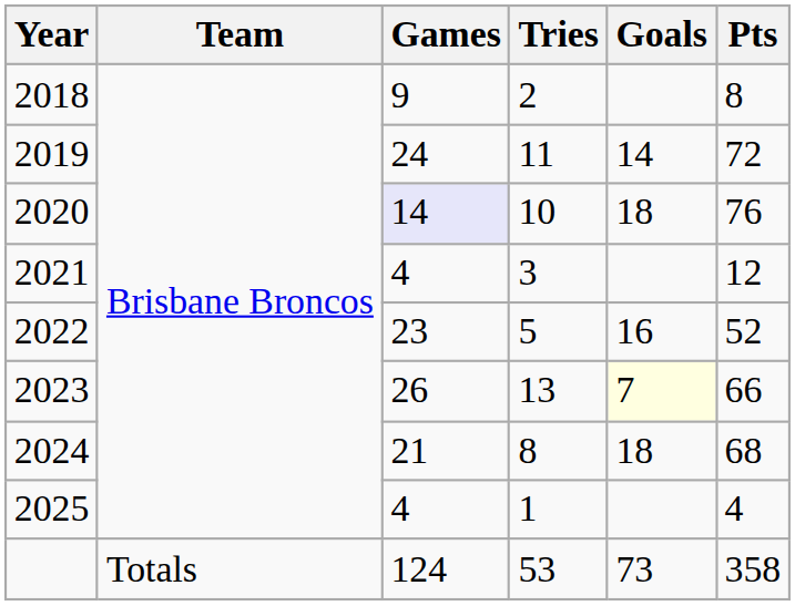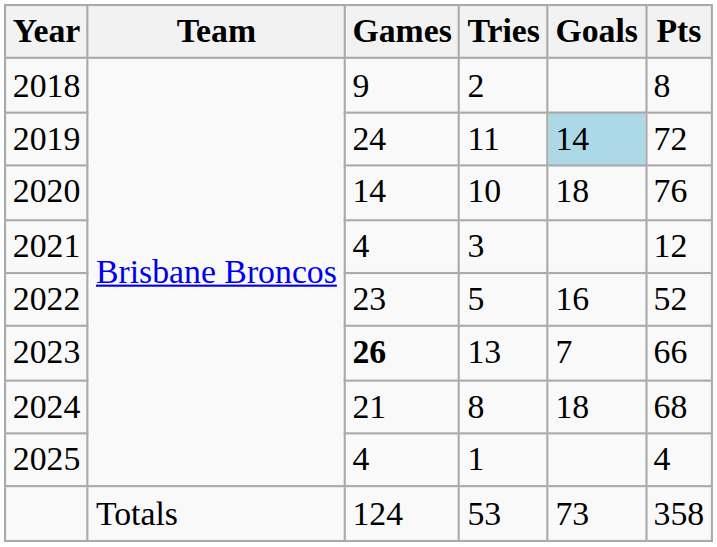 <table class="wikitable">
 <tr>
 <th>Year</th>
 <th>Team</th>
 <th>Games</th>
 <th>Tries</th>
 <th>Goals</th>
 <th>Pts</th>
 </tr>
 <tr>
 <td>2018</td>
 <td rowspan="8"> <a href='#'>Brisbane Broncos</a></td>
 <td>9</td>
 <td>2</td>
 <td></td>
 <td>8</td>
 </tr>
 <tr>
 <td>2019</td>
 <td>24</td>
 <td>11</td>
-<td>14</td>
+<td style="background: lightblue;">14</td>
 <td>72</td>
 </tr>
 <tr>
 <td>2020</td>
-<td style="background: lavender;">14</td>
+<td>14</td>
 <td>10</td>
 <td>18</td>
 <td>76</td>
 </tr>
 <tr>
 <td>2021</td>
 <td>4</td>
 <td>3</td>
 <td></td>
 <td>12</td>
 </tr>
 <tr>
 <td>2022</td>
 <td>23</td>
 <td>5</td>
 <td>16</td>
 <td>52</td>
 </tr>
 <tr>
 <td>2023</td>
-<td>26</td>
+<td><strong>26</strong></td>
 <td>13</td>
-<td style="background: lightyellow;">7</td>
+<td>7</td>
 <td>66</td>
 </tr>
 <tr>
 <td>2024</td>
 <td>21</td>
 <td>8</td>
 <td>18</td>
 <td>68</td>
 </tr>
 <tr>
 <td>2025</td>
 <td>4</td>
 <td>1</td>
 <td></td>
 <td>4</td>
 </tr>
 <tr>
 <td></td>
 <td>Totals</td>
 <td>124</td>
 <td>53</td>
 <td>73</td>
 <td>358</td>
 </tr>
 </table>
